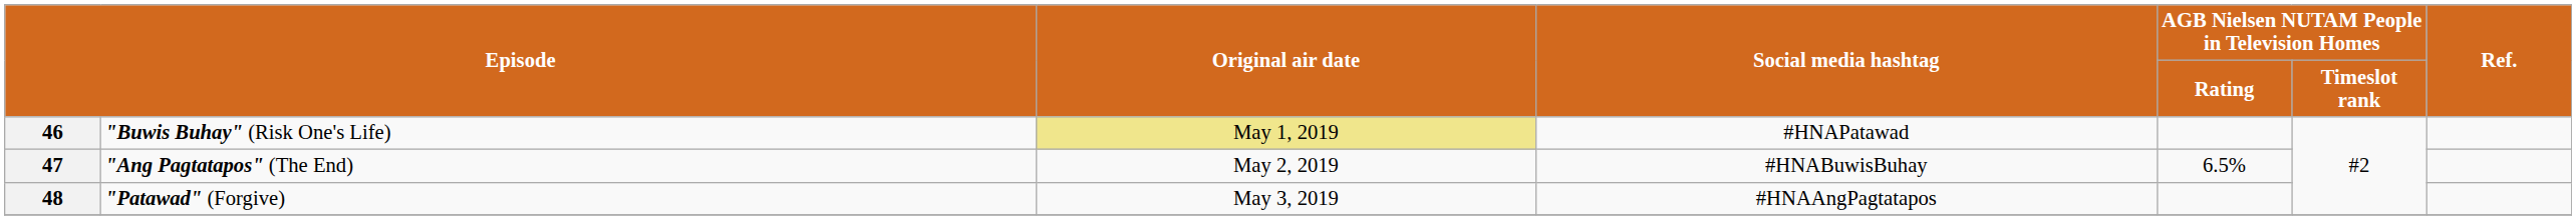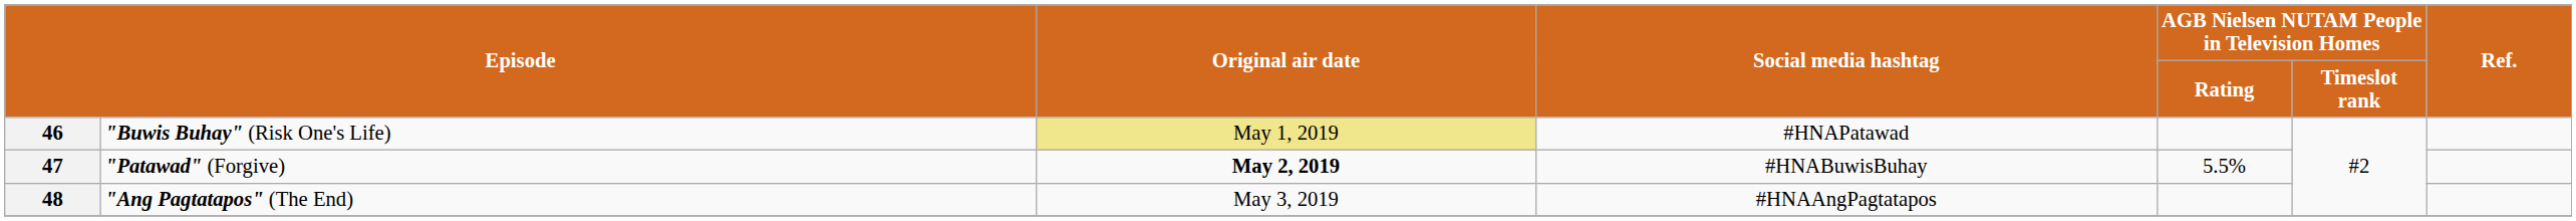 <table class="wikitable" style="text-align:center; font-size:100%; line-height:18px;" width="100%">
 <tr>
 <th style="background-color:#D2691E; color:#ffffff;" colspan="2" rowspan="2">Episode</th>
 <th style="background-color:#D2691E; color:white" rowspan="2">Original air date</th>
 <th style="background-color:#D2691E; color:white" rowspan="2">Social media hashtag</th>
 <th style="background-color:#D2691E; color:#ffffff;" colspan="2">AGB Nielsen NUTAM People in Television Homes</th>
 <th style="background-color:#D2691E;  color:#ffffff;" rowspan="2">Ref.</th>
 </tr>
 <tr>
 <th style="background-color:#D2691E; width:75px; color:#ffffff;">Rating</th>
 <th style="background-color:#D2691E;  width:75px; color:#ffffff;">Timeslot<br>rank</th>
 </tr>
 <tr>
 <th>46</th>
 <td style="text-align: left;"><strong><em>"Buwis Buhay"</em></strong> (Risk One's Life)</td>
 <td style="background: khaki;">May 1, 2019</td>
 <td>#HNAPatawad</td>
 <td></td>
 <td rowspan="3">#2</td>
 <td></td>
 </tr>
 <tr>
 <th>47</th>
-<td style="text-align: left;"><strong><em>"Ang Pagtatapos"</em></strong> (The End)</td>
-<td>May 2, 2019</td>
+<td style="text-align: left;"><strong><em>"Patawad"</em></strong> (Forgive)</td>
+<td><strong>May 2, 2019</strong></td>
 <td>#HNABuwisBuhay</td>
-<td>6.5%</td>
+<td>5.5%</td>
 <td></td>
 </tr>
 <tr>
 <th>48</th>
-<td style="text-align: left;"><strong><em>"Patawad"</em></strong> (Forgive)</td>
+<td style="text-align: left;"><strong><em>"Ang Pagtatapos"</em></strong> (The End)</td>
 <td>May 3, 2019</td>
 <td>#HNAAngPagtatapos</td>
 <td></td>
 <td></td>
 </tr>
 <tr>
 </tr>
 </table>
